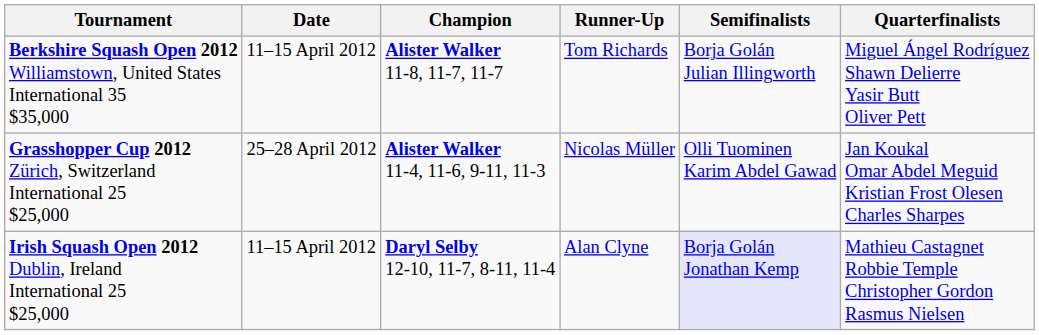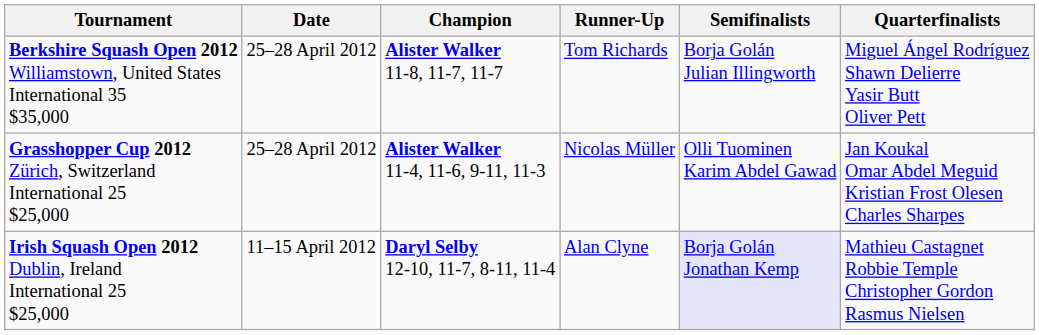 <table class="wikitable" style="font-size:88%">
 <tr>
 <th>Tournament</th>
 <th>Date</th>
 <th>Champion</th>
 <th>Runner-Up</th>
 <th>Semifinalists</th>
 <th>Quarterfinalists</th>
 </tr>
 <tr valign=top>
 <td><strong><a href='#'>Berkshire Squash Open</a> 2012</strong><br> <a href='#'>Williamstown</a>, United States<br>International 35<br>$35,000</td>
-<td>11–15 April 2012</td>
+<td>25–28 April 2012</td>
 <td> <strong><a href='#'>Alister Walker</a></strong><br>11-8, 11-7, 11-7</td>
 <td> <a href='#'>Tom Richards</a></td>
 <td> <a href='#'>Borja Golán</a><br> <a href='#'>Julian Illingworth</a></td>
 <td> <a href='#'>Miguel Ángel Rodríguez</a><br> <a href='#'>Shawn Delierre</a><br> <a href='#'>Yasir Butt</a><br> <a href='#'>Oliver Pett</a></td>
 </tr>
 <tr valign=top>
 <td><strong><a href='#'>Grasshopper Cup</a> 2012</strong><br> <a href='#'>Zürich</a>, Switzerland<br>International 25<br>$25,000</td>
 <td>25–28 April 2012</td>
 <td> <strong><a href='#'>Alister Walker</a></strong><br>11-4, 11-6, 9-11, 11-3</td>
 <td> <a href='#'>Nicolas Müller</a></td>
 <td> <a href='#'>Olli Tuominen</a><br> <a href='#'>Karim Abdel Gawad</a></td>
 <td> <a href='#'>Jan Koukal</a><br> <a href='#'>Omar Abdel Meguid</a><br> <a href='#'>Kristian Frost Olesen</a><br> <a href='#'>Charles Sharpes</a></td>
 </tr>
 <tr valign=top>
 <td><strong><a href='#'>Irish Squash Open</a> 2012</strong><br> <a href='#'>Dublin</a>, Ireland<br>International 25<br>$25,000</td>
 <td>11–15 April 2012</td>
 <td> <strong><a href='#'>Daryl Selby</a></strong><br>12-10, 11-7, 8-11, 11-4</td>
 <td> <a href='#'>Alan Clyne</a></td>
 <td style="background: lavender;"> <a href='#'>Borja Golán</a><br> <a href='#'>Jonathan Kemp</a></td>
 <td> <a href='#'>Mathieu Castagnet</a><br> <a href='#'>Robbie Temple</a><br> <a href='#'>Christopher Gordon</a><br> <a href='#'>Rasmus Nielsen</a></td>
 </tr>
 </table>
